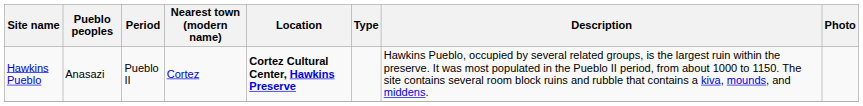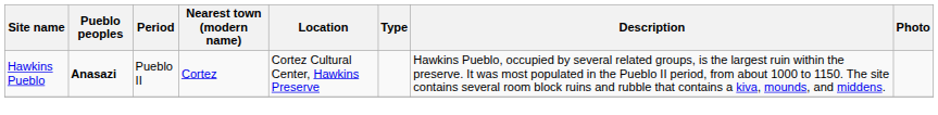 <table class="wikitable sortable" style="width:98%">
 <tr>
 <th>Site name</th>
 <th>Pueblo peoples</th>
 <th>Period</th>
 <th>Nearest town (modern name)</th>
 <th>Location</th>
 <th>Type</th>
 <th>Description</th>
 <th>Photo</th>
 </tr>
 <tr>
 <td><a href='#'>Hawkins Pueblo</a></td>
-<td>Anasazi</td>
+<td><strong>Anasazi</strong></td>
 <td>Pueblo II</td>
 <td><a href='#'>Cortez</a></td>
-<td><strong>Cortez Cultural Center, <a href='#'>Hawkins Preserve</a></strong></td>
+<td>Cortez Cultural Center, <a href='#'>Hawkins Preserve</a></td>
 <td></td>
 <td>Hawkins Pueblo, occupied by several related groups, is the largest ruin within the preserve.  It was most populated in the Pueblo II period, from about 1000 to 1150.  The site contains several room block ruins and rubble that contains a <a href='#'>kiva</a>, <a href='#'>mounds</a>, and <a href='#'>middens</a>.</td>
 <td></td>
 </tr>
 <tr>
 </tr>
 </table>
